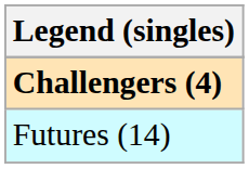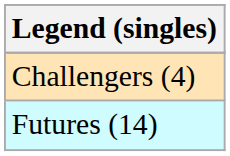 <table class=wikitable style=font-size:97%>
 <tr>
 <th>Legend (singles)</th>
 </tr>
 <tr bgcolor=e5d1cb>
 </tr>
 <tr bgcolor=moccasin>
-<td><strong>Challengers (4)</strong></td>
+<td>Challengers (4)</td>
 </tr>
 <tr bgcolor=CFFCFF>
 <td>Futures (14)</td>
 </tr>
 </table>
